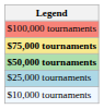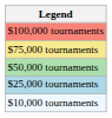 <table class=wikitable style=font-size:85%>
 <tr>
 <th>Legend</th>
 </tr>
 <tr style="background:#f88379;">
 <td>$100,000 tournaments</td>
 </tr>
 <tr style="background:#f7e98e;">
-<td><strong>$75,000 tournaments</strong></td>
+<td>$75,000 tournaments</td>
 </tr>
 <tr style="background:#addfad;">
-<td><strong>$50,000 tournaments</strong></td>
+<td>$50,000 tournaments</td>
 </tr>
 <tr style="background:lightblue;">
 <td>$25,000 tournaments</td>
 </tr>
 <tr style="background:#f0f8ff;">
 <td>$10,000 tournaments</td>
 </tr>
 </table>
